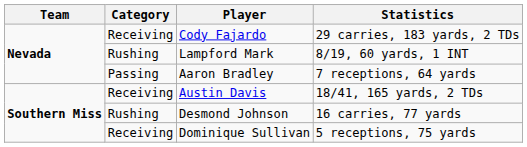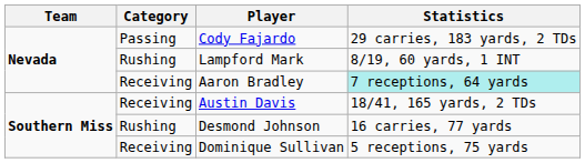 <table class="wikitable" style="float: left;">
 <tr>
 <th>Team</th>
 <th>Category</th>
 <th>Player</th>
 <th>Statistics</th>
 </tr>
 <tr>
 <td rowspan=3><strong>Nevada</strong></td>
-<td>Receiving</td>
+<td>Passing</td>
 <td><a href='#'>Cody Fajardo</a></td>
 <td>29 carries, 183 yards, 2 TDs</td>
 </tr>
 <tr>
 <td>Rushing</td>
 <td>Lampford Mark</td>
 <td>8/19, 60 yards, 1 INT</td>
 </tr>
 <tr>
-<td>Passing</td>
+<td>Receiving</td>
 <td>Aaron Bradley</td>
-<td>7 receptions, 64 yards</td>
+<td style="background: paleturquoise;">7 receptions, 64 yards</td>
 </tr>
 <tr>
 <td rowspan=3><strong>Southern Miss</strong></td>
 <td>Receiving</td>
 <td><a href='#'>Austin Davis</a></td>
 <td>18/41, 165 yards, 2 TDs</td>
 </tr>
 <tr>
 <td>Rushing</td>
 <td>Desmond Johnson</td>
 <td>16 carries, 77 yards</td>
 </tr>
 <tr>
 <td>Receiving</td>
 <td>Dominique Sullivan</td>
 <td>5 receptions, 75 yards</td>
 </tr>
 </table>
